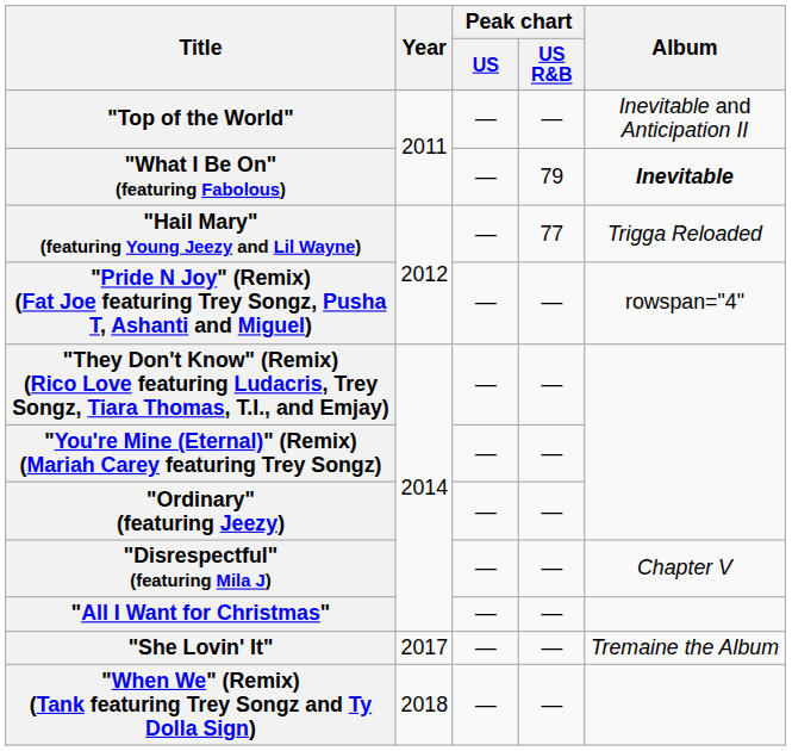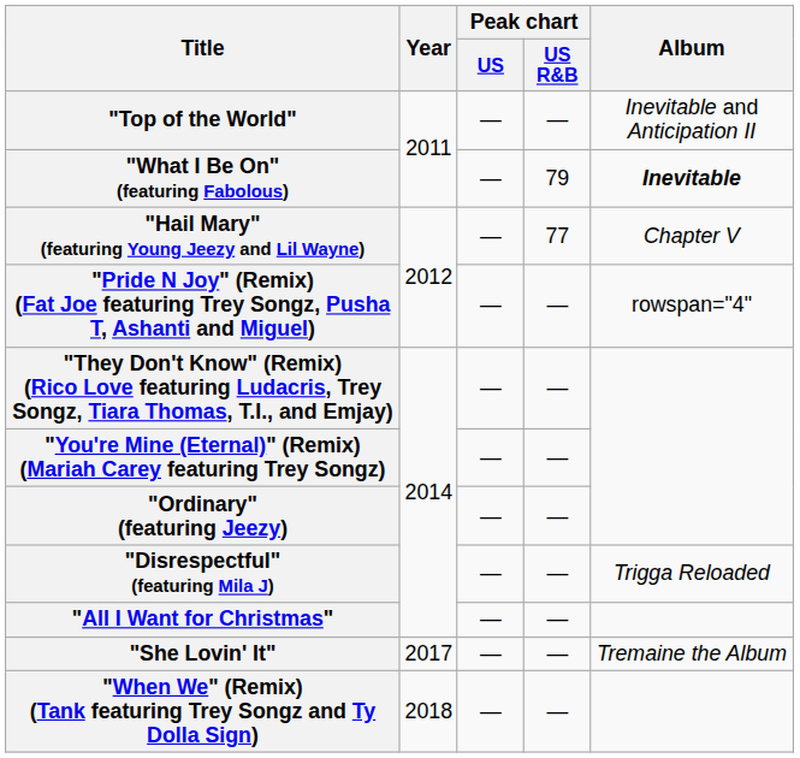 <table class="wikitable plainrowheaders" style="text-align:center;">
 <tr>
 <th scope="col" rowspan="2" style="width:18em;">Title</th>
 <th scope="col" rowspan="2" style="width:10px;">Year</th>
 <th scope="col" colspan="2">Peak chart</th>
 <th scope="col" rowspan="2" style="width:9em;">Album</th>
 </tr>
 <tr>
 <th scope="col" style="width:3em;font-size:90%;"><a href='#'>US</a><br></th>
 <th scope="col" style="width:3em;font-size:90%;"><a href='#'>US<br>R&B</a><br></th>
 </tr>
 <tr>
 <th scope="row">"Top of the World"</th>
 <td rowspan="2">2011</td>
 <td>—</td>
 <td>—</td>
 <td rowspan="1"><em>Inevitable</em> and <em>Anticipation II</em></td>
 </tr>
 <tr>
 <th scope="row">"What I Be On"<br><small>(featuring <a href='#'>Fabolous</a>)</small></th>
 <td>—</td>
 <td>79</td>
 <td rowspan="1"><strong><em>Inevitable</em></strong></td>
 </tr>
 <tr>
 <th scope="row">"Hail Mary"<br><small>(featuring <a href='#'>Young Jeezy</a> and <a href='#'>Lil Wayne</a>)</small></th>
 <td rowspan="2">2012</td>
 <td>—</td>
 <td>77</td>
-<td><em>Trigga Reloaded</em></td>
+<td><em>Chapter V</em></td>
 </tr>
 <tr>
 <th scope="row">"<a href='#'>Pride N Joy</a>" (Remix)<br><span>(<a href='#'>Fat Joe</a> featuring Trey Songz, <a href='#'>Pusha T</a>, <a href='#'>Ashanti</a> and <a href='#'>Miguel</a>)</span></th>
 <td>—</td>
 <td>—</td>
 <td>rowspan="4" </td>
 </tr>
 <tr>
 <th scope="row">"They Don't Know" (Remix)<br><span>(<a href='#'>Rico Love</a> featuring <a href='#'>Ludacris</a>, Trey Songz, <a href='#'>Tiara Thomas</a>, T.I., and Emjay)</span></th>
 <td rowspan="5">2014</td>
 <td>—</td>
 <td>—</td>
 </tr>
 <tr>
 <th scope="row">"<a href='#'>You're Mine (Eternal)</a>" (Remix)<br><span>(<a href='#'>Mariah Carey</a> featuring Trey Songz)</span></th>
 <td>—</td>
 <td>—</td>
 </tr>
 <tr>
 <th scope="row">"Ordinary" <br><span>(featuring <a href='#'>Jeezy</a>)</span></th>
 <td>—</td>
 <td>—</td>
 </tr>
 <tr>
 <th scope="row">"Disrespectful"<br><small>(featuring <a href='#'>Mila J</a>)</small></th>
 <td>—</td>
 <td>—</td>
-<td><em>Chapter V</em></td>
+<td><em>Trigga Reloaded</em></td>
 </tr>
 <tr>
 <th scope="row">"<a href='#'>All I Want for Christmas</a>"</th>
 <td>—</td>
 <td>—</td>
 <td></td>
 </tr>
 <tr>
 <th scope="row">"She Lovin' It"</th>
 <td>2017</td>
 <td>—</td>
 <td>—</td>
 <td><em>Tremaine the Album</em></td>
 </tr>
 <tr>
 <th scope="row">"<a href='#'>When We</a>" (Remix)<br><span>(<a href='#'>Tank</a> featuring Trey Songz and <a href='#'>Ty Dolla Sign</a>)</span></th>
 <td>2018</td>
 <td>—</td>
 <td>—</td>
 <td></td>
 </tr>
 </table>
